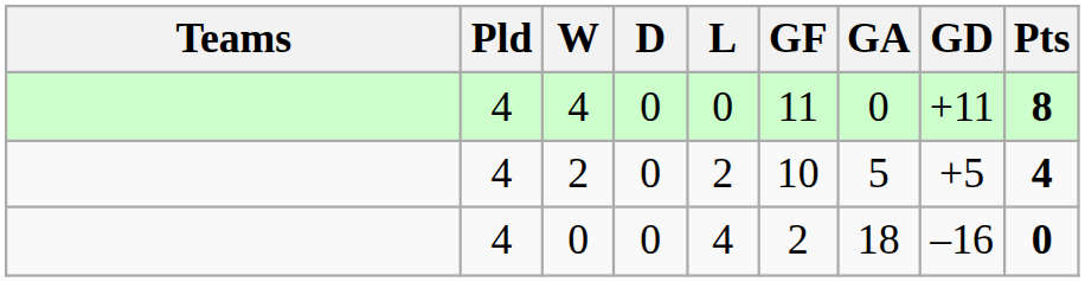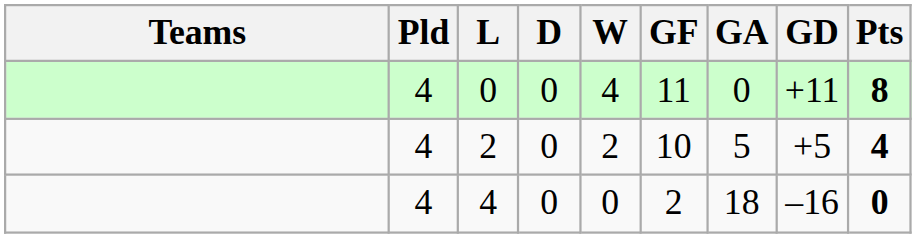 <table class="wikitable" style="text-align: center;">
 <tr>
 <th width=165>Teams</th>
 <th width=20>Pld</th>
+<th width=20>L</th>
+<th width=20>D</th>
 <th width=20>W</th>
-<th width=20>D</th>
-<th width=20>L</th>
 <th width=20>GF</th>
 <th width=20>GA</th>
 <th width=20>GD</th>
 <th width=20>Pts</th>
 </tr>
 <tr align=center style="background:#ccffcc;">
 <td style="text-align:left;"></td>
 <td>4</td>
-<td>4</td>
 <td>0</td>
 <td>0</td>
+<td>4</td>
 <td>11</td>
 <td>0</td>
 <td>+11</td>
 <td><strong>8</strong></td>
 </tr>
 <tr align=center>
 <td style="text-align:left;"></td>
 <td>4</td>
 <td>2</td>
 <td>0</td>
 <td>2</td>
 <td>10</td>
 <td>5</td>
 <td>+5</td>
 <td><strong>4</strong></td>
 </tr>
 <tr align=center>
 <td style="text-align:left;"></td>
 <td>4</td>
+<td>4</td>
 <td>0</td>
 <td>0</td>
-<td>4</td>
 <td>2</td>
 <td>18</td>
 <td>–16</td>
 <td><strong>0</strong></td>
 </tr>
 </table>
